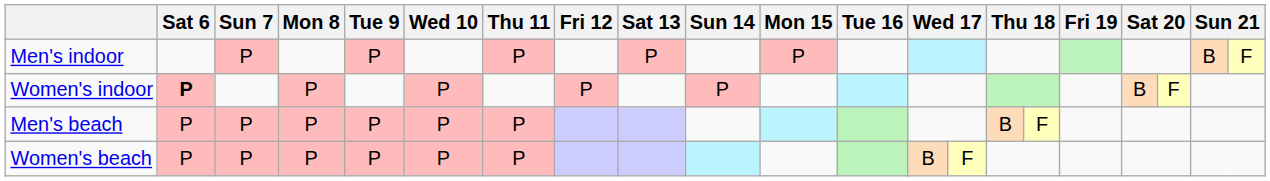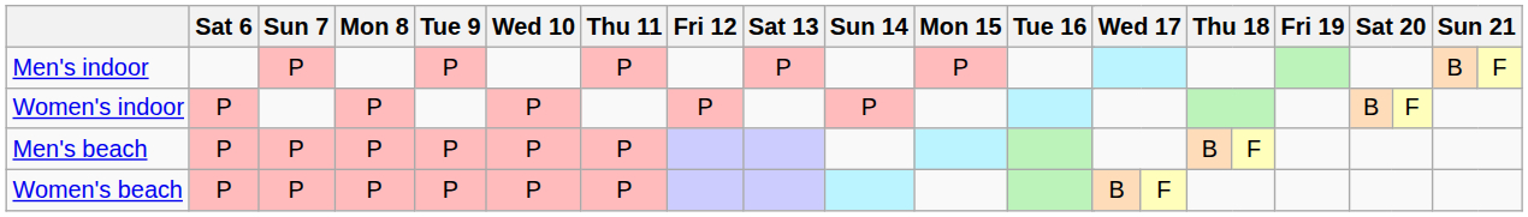 <table class="wikitable" style="margin:0.5em auto; font-size:90%; line-height:1.25em; text-align:center">
 <tr>
 <th></th>
 <th>Sat 6</th>
 <th>Sun 7</th>
 <th>Mon 8</th>
 <th>Tue 9</th>
 <th>Wed 10</th>
 <th>Thu 11</th>
 <th>Fri 12</th>
 <th>Sat 13</th>
 <th>Sun 14</th>
 <th>Mon 15</th>
 <th colspan="2">Tue 16</th>
 <th colspan="2">Wed 17</th>
 <th colspan="2">Thu 18</th>
 <th>Fri 19</th>
 <th colspan="2">Sat 20</th>
 <th colspan="2">Sun 21</th>
 </tr>
 <tr>
 <td align="left"><a href='#'>Men's indoor</a></td>
 <td></td>
 <td bgcolor="#FFBBBB">P</td>
 <td></td>
 <td bgcolor="#FFBBBB">P</td>
 <td></td>
 <td bgcolor="#FFBBBB">P</td>
 <td></td>
 <td bgcolor="#FFBBBB">P</td>
 <td></td>
 <td bgcolor="#FFBBBB">P</td>
 <td colspan="2"></td>
 <td bgcolor="#BBF3FF" colspan="2"></td>
 <td colspan="2"></td>
 <td bgcolor="#BBF3BB"></td>
 <td colspan="2"></td>
 <td bgcolor="#FEDCBA">B</td>
 <td bgcolor="#FFFFBB">F</td>
 </tr>
 <tr>
 <td align="left"><a href='#'>Women's indoor</a></td>
-<td bgcolor="#FFBBBB"><strong>P</strong></td>
+<td bgcolor="#FFBBBB">P</td>
 <td></td>
 <td bgcolor="#FFBBBB">P</td>
 <td></td>
 <td bgcolor="#FFBBBB">P</td>
 <td></td>
 <td bgcolor="#FFBBBB">P</td>
 <td></td>
 <td bgcolor="#FFBBBB">P</td>
 <td></td>
 <td bgcolor="#BBF3FF" colspan="2"></td>
 <td colspan="2"></td>
 <td bgcolor="#BBF3BB" colspan="2"></td>
 <td></td>
 <td bgcolor="#FEDCBA">B</td>
 <td bgcolor="#FFFFBB">F</td>
 <td colspan="2"></td>
 </tr>
 <tr>
 <td align="left"><a href='#'>Men's beach</a></td>
 <td bgcolor="#FFBBBB">P</td>
 <td bgcolor="#FFBBBB">P</td>
 <td bgcolor="#FFBBBB">P</td>
 <td bgcolor="#FFBBBB">P</td>
 <td bgcolor="#FFBBBB">P</td>
 <td bgcolor="#FFBBBB">P</td>
 <td bgcolor="#CCCCFF"></td>
 <td bgcolor="#CCCCFF"></td>
 <td></td>
 <td bgcolor="#BBF3FF"></td>
 <td bgcolor="#BBF3BB" colspan="2"></td>
 <td colspan="2"></td>
 <td bgcolor="#FEDCBA">B</td>
 <td bgcolor="#FFFFBB">F</td>
 <td></td>
 <td colspan="2"></td>
 <td colspan="2"></td>
 </tr>
 <tr>
 <td align="left"><a href='#'>Women's beach</a></td>
 <td bgcolor="#FFBBBB">P</td>
 <td bgcolor="#FFBBBB">P</td>
 <td bgcolor="#FFBBBB">P</td>
 <td bgcolor="#FFBBBB">P</td>
 <td bgcolor="#FFBBBB">P</td>
 <td bgcolor="#FFBBBB">P</td>
 <td bgcolor="#CCCCFF"></td>
 <td bgcolor="#CCCCFF"></td>
 <td bgcolor="#BBF3FF"></td>
 <td></td>
 <td bgcolor="#BBF3BB" colspan="2"></td>
 <td bgcolor="#FEDCBA">B</td>
 <td bgcolor="#FFFFBB">F</td>
 <td colspan="2"></td>
 <td></td>
 <td colspan="2"></td>
 <td colspan="2"></td>
 </tr>
 </table>
